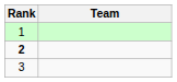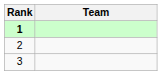 <table class="wikitable" style="text-align:center">
 <tr>
 <th width=40>Rank</th>
 <th width=180>Team</th>
 </tr>
 <tr bgcolor=#ccffcc>
-<td>1</td>
+<td><strong>1</strong></td>
 <td style="text-align:left"></td>
 </tr>
 <tr>
-<td><strong>2</strong></td>
+<td>2</td>
 <td style="text-align:left"></td>
 </tr>
 <tr>
 <td>3</td>
 <td style="text-align:left"></td>
 </tr>
 </table>
